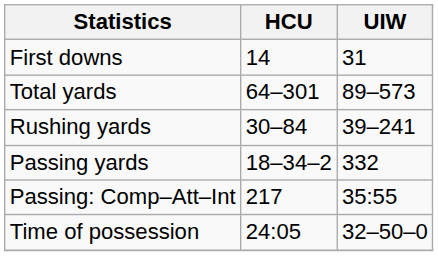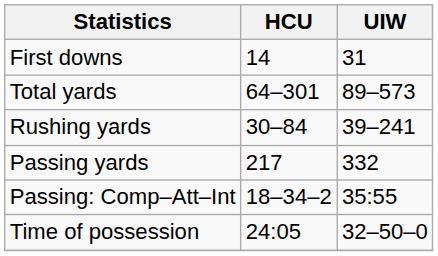 <table class="wikitable" style="float: left;">
 <tr>
 <th>Statistics</th>
 <th>HCU</th>
 <th>UIW</th>
 </tr>
 <tr>
 <td>First downs</td>
 <td>14</td>
 <td>31</td>
 </tr>
 <tr>
 <td>Total yards</td>
 <td>64–301</td>
 <td>89–573</td>
 </tr>
 <tr>
 <td>Rushing yards</td>
 <td>30–84</td>
 <td>39–241</td>
 </tr>
 <tr>
 <td>Passing yards</td>
-<td>18–34–2</td>
+<td>217</td>
 <td>332</td>
 </tr>
 <tr>
 <td>Passing: Comp–Att–Int</td>
-<td>217</td>
+<td>18–34–2</td>
 <td>35:55</td>
 </tr>
 <tr>
 <td>Time of possession</td>
 <td>24:05</td>
 <td>32–50–0</td>
 </tr>
 <tr>
 </tr>
 </table>
